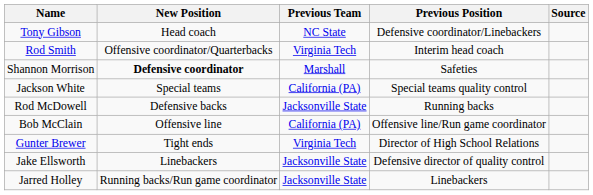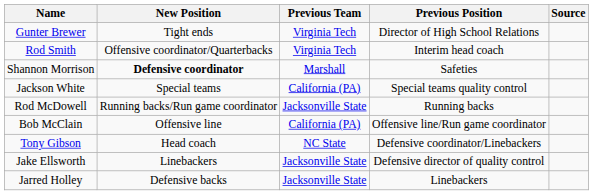 <table class="wikitable">
 <tr>
 <th style="text-align:center; ">Name</th>
 <th style="text-align:center; ">New Position</th>
 <th style="text-align:center; ">Previous Team</th>
 <th style="text-align:center; ">Previous Position</th>
 <th style="text-align:center; ">Source</th>
 </tr>
 <tr align="center">
-<td><a href='#'>Tony Gibson</a></td>
-<td>Head coach</td>
-<td><a href='#'>NC State</a></td>
-<td>Defensive coordinator/Linebackers</td>
+<td><a href='#'>Gunter Brewer</a></td>
+<td>Tight ends</td>
+<td><a href='#'>Virginia Tech</a></td>
+<td>Director of High School Relations</td>
 <td></td>
 </tr>
 <tr align="center">
 <td><a href='#'>Rod Smith</a></td>
 <td>Offensive coordinator/Quarterbacks</td>
 <td><a href='#'>Virginia Tech</a></td>
 <td>Interim head coach</td>
 <td></td>
 </tr>
 <tr align="center">
 <td>Shannon Morrison</td>
 <td><strong>Defensive coordinator</strong></td>
 <td><a href='#'>Marshall</a></td>
 <td>Safeties</td>
 <td></td>
 </tr>
 <tr align="center">
 <td>Jackson White</td>
 <td>Special teams</td>
 <td><a href='#'>California (PA)</a></td>
 <td>Special teams quality control</td>
 <td></td>
 </tr>
 <tr align="center">
 <td>Rod McDowell</td>
-<td>Defensive backs</td>
+<td>Running backs/Run game coordinator</td>
 <td><a href='#'>Jacksonville State</a></td>
 <td>Running backs</td>
 <td></td>
 </tr>
 <tr align="center">
 <td>Bob McClain</td>
 <td>Offensive line</td>
 <td><a href='#'>California (PA)</a></td>
 <td>Offensive line/Run game coordinator</td>
 <td></td>
 </tr>
 <tr align="center">
-<td><a href='#'>Gunter Brewer</a></td>
-<td>Tight ends</td>
-<td><a href='#'>Virginia Tech</a></td>
-<td>Director of High School Relations</td>
+<td><a href='#'>Tony Gibson</a></td>
+<td>Head coach</td>
+<td><a href='#'>NC State</a></td>
+<td>Defensive coordinator/Linebackers</td>
 <td></td>
 </tr>
 <tr align="center">
 <td>Jake Ellsworth</td>
 <td>Linebackers</td>
 <td><a href='#'>Jacksonville State</a></td>
 <td>Defensive director of quality control</td>
 <td></td>
 </tr>
 <tr align="center">
 <td>Jarred Holley</td>
-<td>Running backs/Run game coordinator</td>
+<td>Defensive backs</td>
 <td><a href='#'>Jacksonville State</a></td>
 <td>Linebackers</td>
 <td></td>
 </tr>
 </table>
